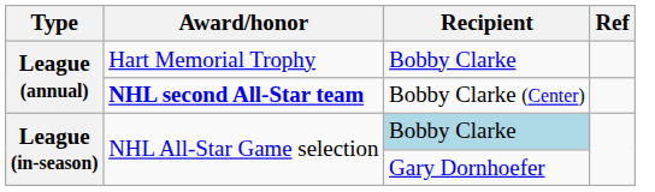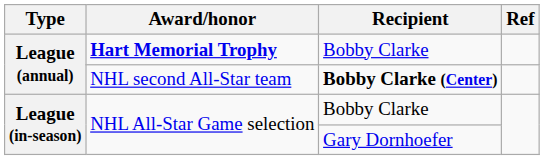 <table class="wikitable">
 <tr>
 <th scope="col">Type</th>
 <th scope="col">Award/honor</th>
 <th scope="col">Recipient</th>
 <th scope="col">Ref</th>
 </tr>
 <tr>
 <th scope="row" rowspan="2">League<br><small>(annual)</small></th>
-<td><a href='#'>Hart Memorial Trophy</a></td>
+<td><strong><a href='#'>Hart Memorial Trophy</a></strong></td>
 <td><a href='#'>Bobby Clarke</a></td>
 <td></td>
 </tr>
 <tr>
-<td><strong><a href='#'>NHL second All-Star team</a></strong></td>
-<td>Bobby Clarke <small>(<a href='#'>Center</a>)</small></td>
+<td><a href='#'>NHL second All-Star team</a></td>
+<td><strong>Bobby Clarke <small>(<a href='#'>Center</a>)</small></strong></td>
 <td></td>
 </tr>
 <tr>
 <th scope="row" rowspan="2">League<br><small>(in-season)</small></th>
 <td rowspan="2"><a href='#'>NHL All-Star Game</a> selection</td>
-<td style="background: lightblue;">Bobby Clarke</td>
+<td>Bobby Clarke</td>
 <td rowspan="2"></td>
 </tr>
 <tr>
 <td><a href='#'>Gary Dornhoefer</a></td>
 </tr>
 </table>
